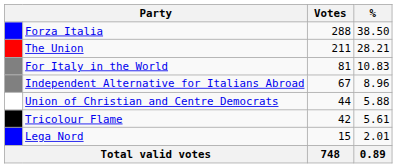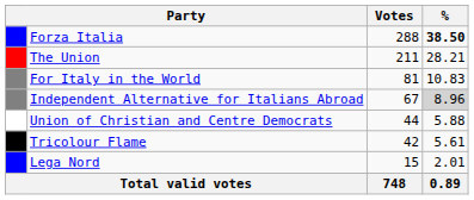 <table class="wikitable">
 <tr>
 <th colspan="2" style="width: 130px">Party</th>
 <th style="width: 50px">Votes</th>
 <th style="width: 40px">%</th>
 </tr>
 <tr>
 <td style="background-color:blue">  </td>
 <td style="text-align: left"><a href='#'>Forza Italia</a></td>
 <td style="text-align: right">288</td>
-<td style="text-align: right">38.50</td>
+<td style="text-align: right"><strong>38.50</strong></td>
 </tr>
 <tr>
 <td style="background-color:red">  </td>
 <td style="text-align: left"><a href='#'>The Union</a></td>
 <td style="text-align: right">211</td>
 <td style="text-align: right">28.21</td>
 </tr>
 <tr>
 <td style="background-color:grey">  </td>
 <td style="text-align: left"><a href='#'>For Italy in the World</a></td>
 <td align="right">81</td>
 <td align="right">10.83</td>
 </tr>
 <tr>
 <td style="background-color:grey">  </td>
 <td style="text-align: left"><a href='#'>Independent Alternative for Italians Abroad</a></td>
 <td align="right">67</td>
-<td align="right">8.96</td>
+<td align="right" style="background: lightgrey;">8.96</td>
 </tr>
 <tr>
 <td style="background-color:white">  </td>
 <td style="text-align: left"><a href='#'>Union of Christian and Centre Democrats</a></td>
 <td align="right">44</td>
 <td align="right">5.88</td>
 </tr>
 <tr>
 <td style="background-color:black">  </td>
 <td style="text-align: left"><a href='#'>Tricolour Flame</a></td>
 <td align="right">42</td>
 <td align="right">5.61</td>
 </tr>
 <tr>
 <td style="background-color:blue">  </td>
 <td style="text-align: left"><a href='#'>Lega Nord</a></td>
 <td align="right">15</td>
 <td align="right">2.01</td>
 </tr>
 <tr bgcolor="white">
 <th align="right" colspan=2>Total valid votes</th>
 <th align="right">748</th>
 <th align="right">0.89</th>
 </tr>
 </table>
